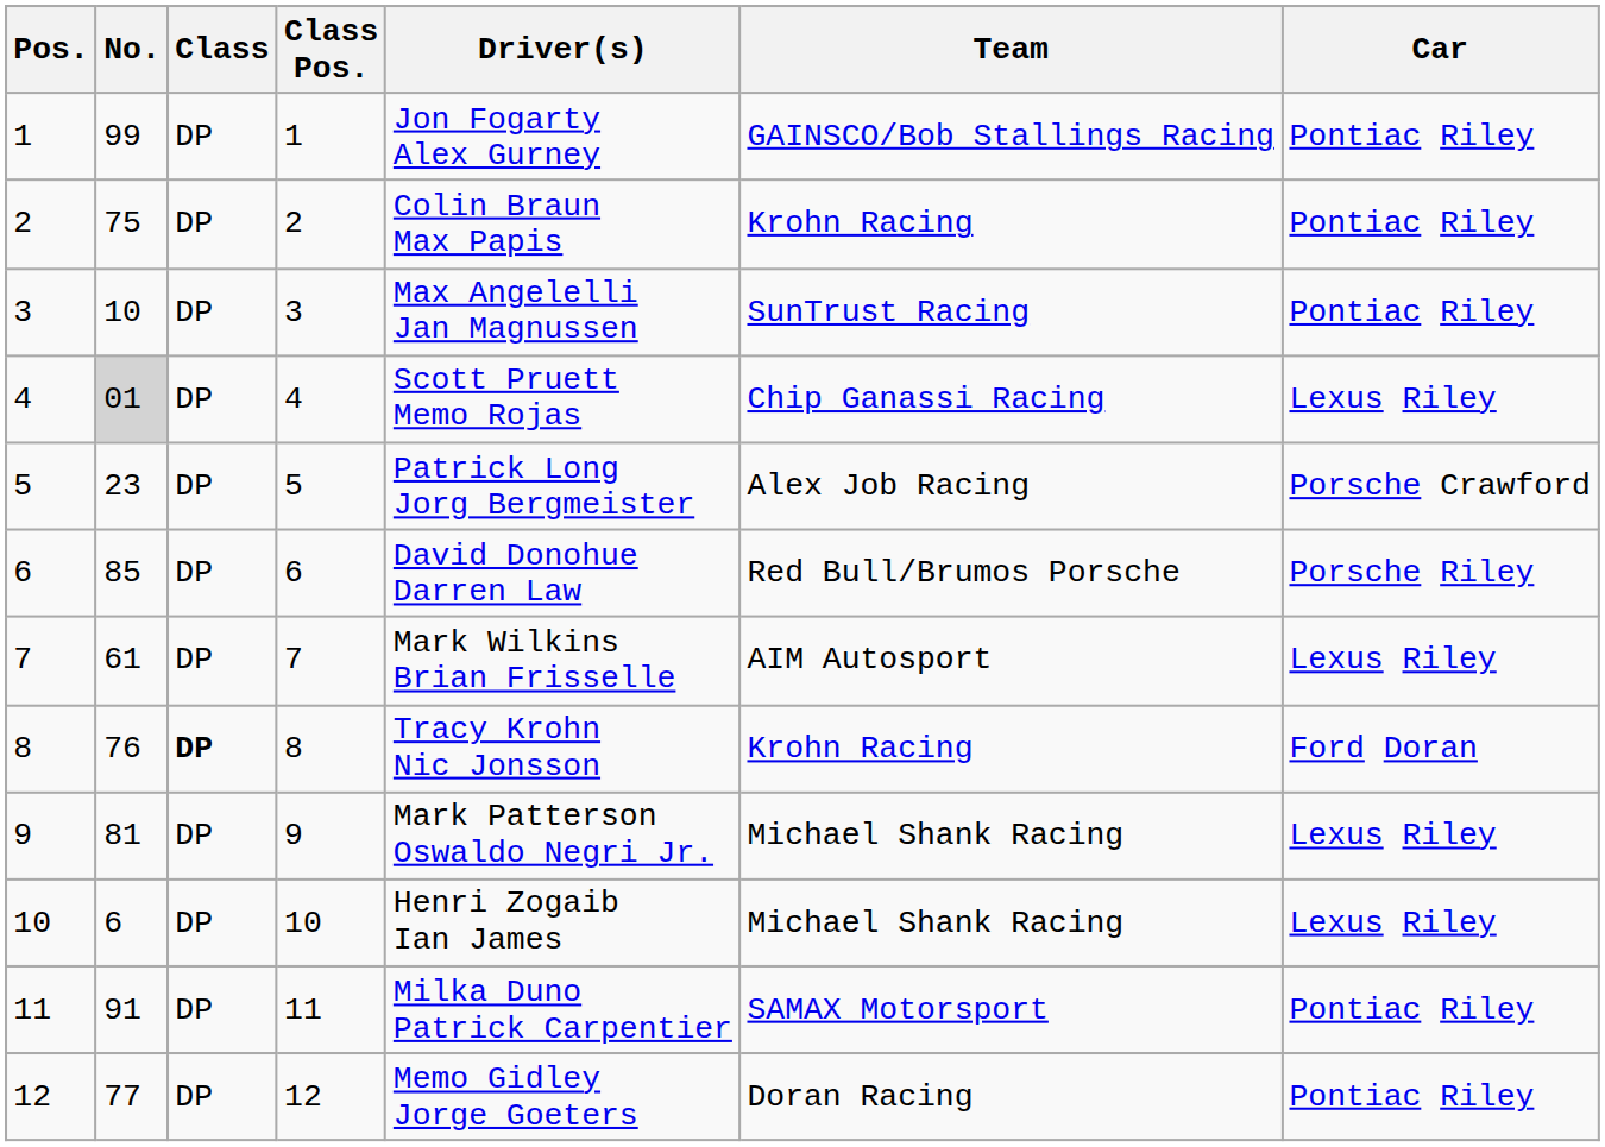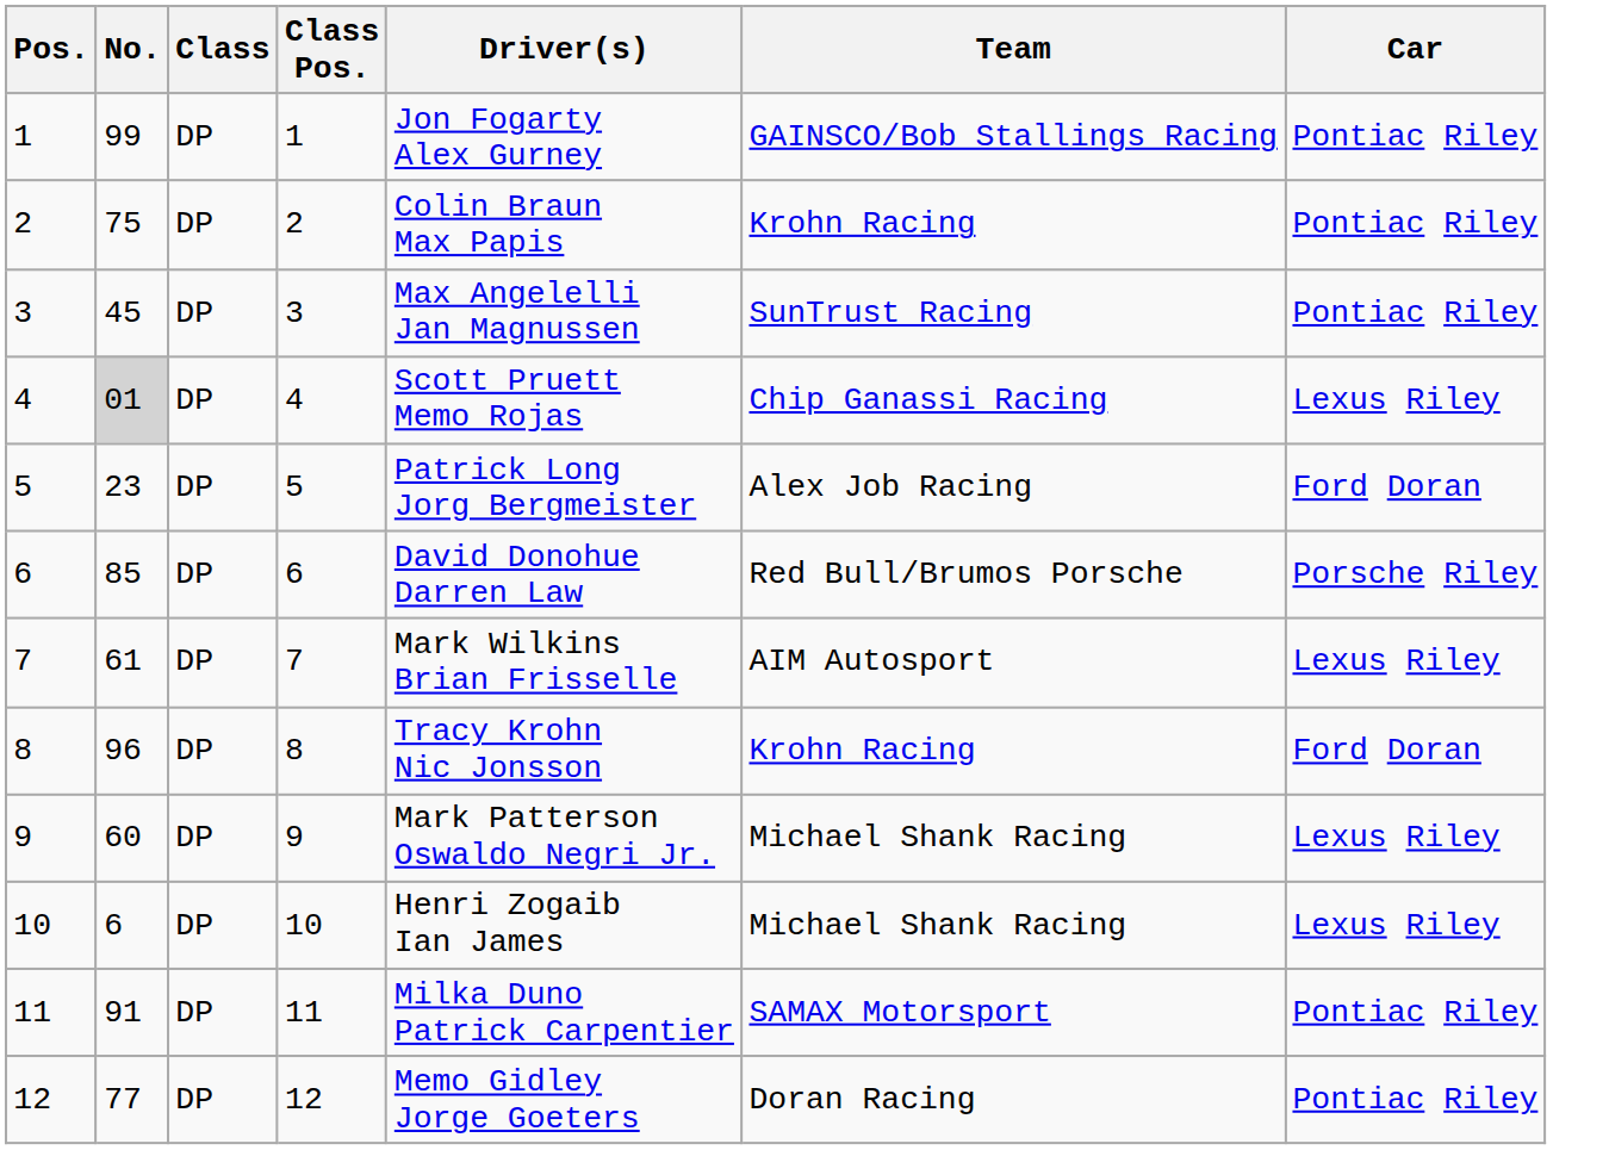 <table class="wikitable">
 <tr>
 <th>Pos.</th>
 <th>No.</th>
 <th>Class</th>
 <th>Class<br> Pos.</th>
 <th>Driver(s)</th>
 <th>Team</th>
 <th>Car</th>
 </tr>
 <tr>
 <td>1</td>
 <td>99</td>
 <td>DP</td>
 <td>1</td>
 <td> <a href='#'>Jon Fogarty</a><br> <a href='#'>Alex Gurney</a></td>
 <td><a href='#'>GAINSCO/Bob Stallings Racing</a></td>
 <td><a href='#'>Pontiac</a> <a href='#'>Riley</a></td>
 </tr>
 <tr>
 <td>2</td>
 <td>75</td>
 <td>DP</td>
 <td>2</td>
 <td> <a href='#'>Colin Braun</a><br> <a href='#'>Max Papis</a></td>
 <td><a href='#'>Krohn Racing</a></td>
 <td><a href='#'>Pontiac</a> <a href='#'>Riley</a></td>
 </tr>
 <tr>
 <td>3</td>
-<td>10</td>
+<td>45</td>
 <td>DP</td>
 <td>3</td>
 <td> <a href='#'>Max Angelelli</a><br> <a href='#'>Jan Magnussen</a></td>
 <td><a href='#'>SunTrust Racing</a></td>
 <td><a href='#'>Pontiac</a> <a href='#'>Riley</a></td>
 </tr>
 <tr>
 <td>4</td>
 <td style="background: lightgrey;">01</td>
 <td>DP</td>
 <td>4</td>
 <td> <a href='#'>Scott Pruett</a><br> <a href='#'>Memo Rojas</a></td>
 <td><a href='#'>Chip Ganassi Racing</a></td>
 <td><a href='#'>Lexus</a> <a href='#'>Riley</a></td>
 </tr>
 <tr>
 <td>5</td>
 <td>23</td>
 <td>DP</td>
 <td>5</td>
 <td> <a href='#'>Patrick Long</a><br> <a href='#'>Jorg Bergmeister</a></td>
 <td>Alex Job Racing</td>
-<td><a href='#'>Porsche</a> Crawford</td>
+<td><a href='#'>Ford</a> <a href='#'>Doran</a></td>
 </tr>
 <tr>
 <td>6</td>
 <td>85</td>
 <td>DP</td>
 <td>6</td>
 <td> <a href='#'>David Donohue</a><br> <a href='#'>Darren Law</a></td>
 <td>Red Bull/Brumos Porsche</td>
 <td><a href='#'>Porsche</a> <a href='#'>Riley</a></td>
 </tr>
 <tr>
 <td>7</td>
 <td>61</td>
 <td>DP</td>
 <td>7</td>
 <td> Mark Wilkins<br> <a href='#'>Brian Frisselle</a></td>
 <td>AIM Autosport</td>
 <td><a href='#'>Lexus</a> <a href='#'>Riley</a></td>
 </tr>
 <tr>
 <td>8</td>
-<td>76</td>
-<td><strong>DP</strong></td>
+<td>96</td>
+<td>DP</td>
 <td>8</td>
 <td> <a href='#'>Tracy Krohn</a><br> <a href='#'>Nic Jonsson</a></td>
 <td><a href='#'>Krohn Racing</a></td>
 <td><a href='#'>Ford</a> <a href='#'>Doran</a></td>
 </tr>
 <tr>
 <td>9</td>
-<td>81</td>
+<td>60</td>
 <td>DP</td>
 <td>9</td>
 <td> Mark Patterson<br> <a href='#'>Oswaldo Negri Jr.</a></td>
 <td>Michael Shank Racing</td>
 <td><a href='#'>Lexus</a> <a href='#'>Riley</a></td>
 </tr>
 <tr>
 <td>10</td>
 <td>6</td>
 <td>DP</td>
 <td>10</td>
 <td> Henri Zogaib<br> Ian James</td>
 <td>Michael Shank Racing</td>
 <td><a href='#'>Lexus</a> <a href='#'>Riley</a></td>
 </tr>
 <tr>
 <td>11</td>
 <td>91</td>
 <td>DP</td>
 <td>11</td>
 <td> <a href='#'>Milka Duno</a><br> <a href='#'>Patrick Carpentier</a></td>
 <td><a href='#'>SAMAX Motorsport</a></td>
 <td><a href='#'>Pontiac</a> <a href='#'>Riley</a></td>
 </tr>
 <tr>
 <td>12</td>
 <td>77</td>
 <td>DP</td>
 <td>12</td>
 <td> <a href='#'>Memo Gidley</a><br> <a href='#'>Jorge Goeters</a></td>
 <td>Doran Racing</td>
 <td><a href='#'>Pontiac</a> <a href='#'>Riley</a></td>
 </tr>
 </table>
